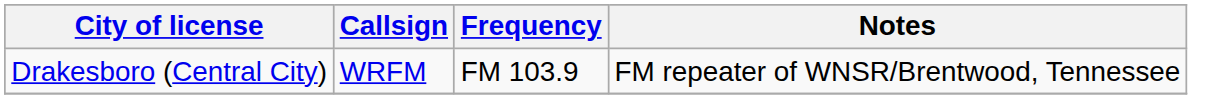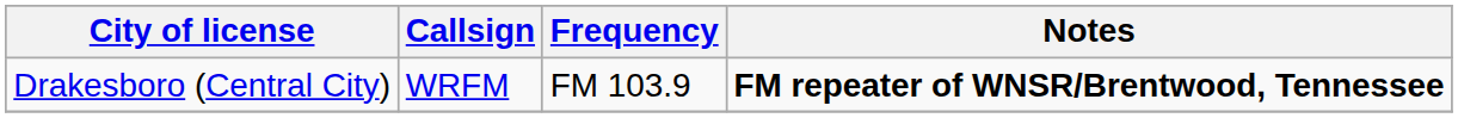 <table class="wikitable sortable">
 <tr>
 <th><a href='#'>City of license</a></th>
 <th><a href='#'>Callsign</a></th>
 <th><a href='#'>Frequency</a></th>
 <th>Notes</th>
 </tr>
 <tr>
 <td><a href='#'>Drakesboro</a> (<a href='#'>Central City</a>)</td>
 <td><a href='#'>WRFM</a></td>
 <td>FM 103.9</td>
-<td>FM repeater of WNSR/Brentwood, Tennessee</td>
+<td><strong>FM repeater of WNSR/Brentwood, Tennessee</strong></td>
 </tr>
 <tr>
 </tr>
 </table>
